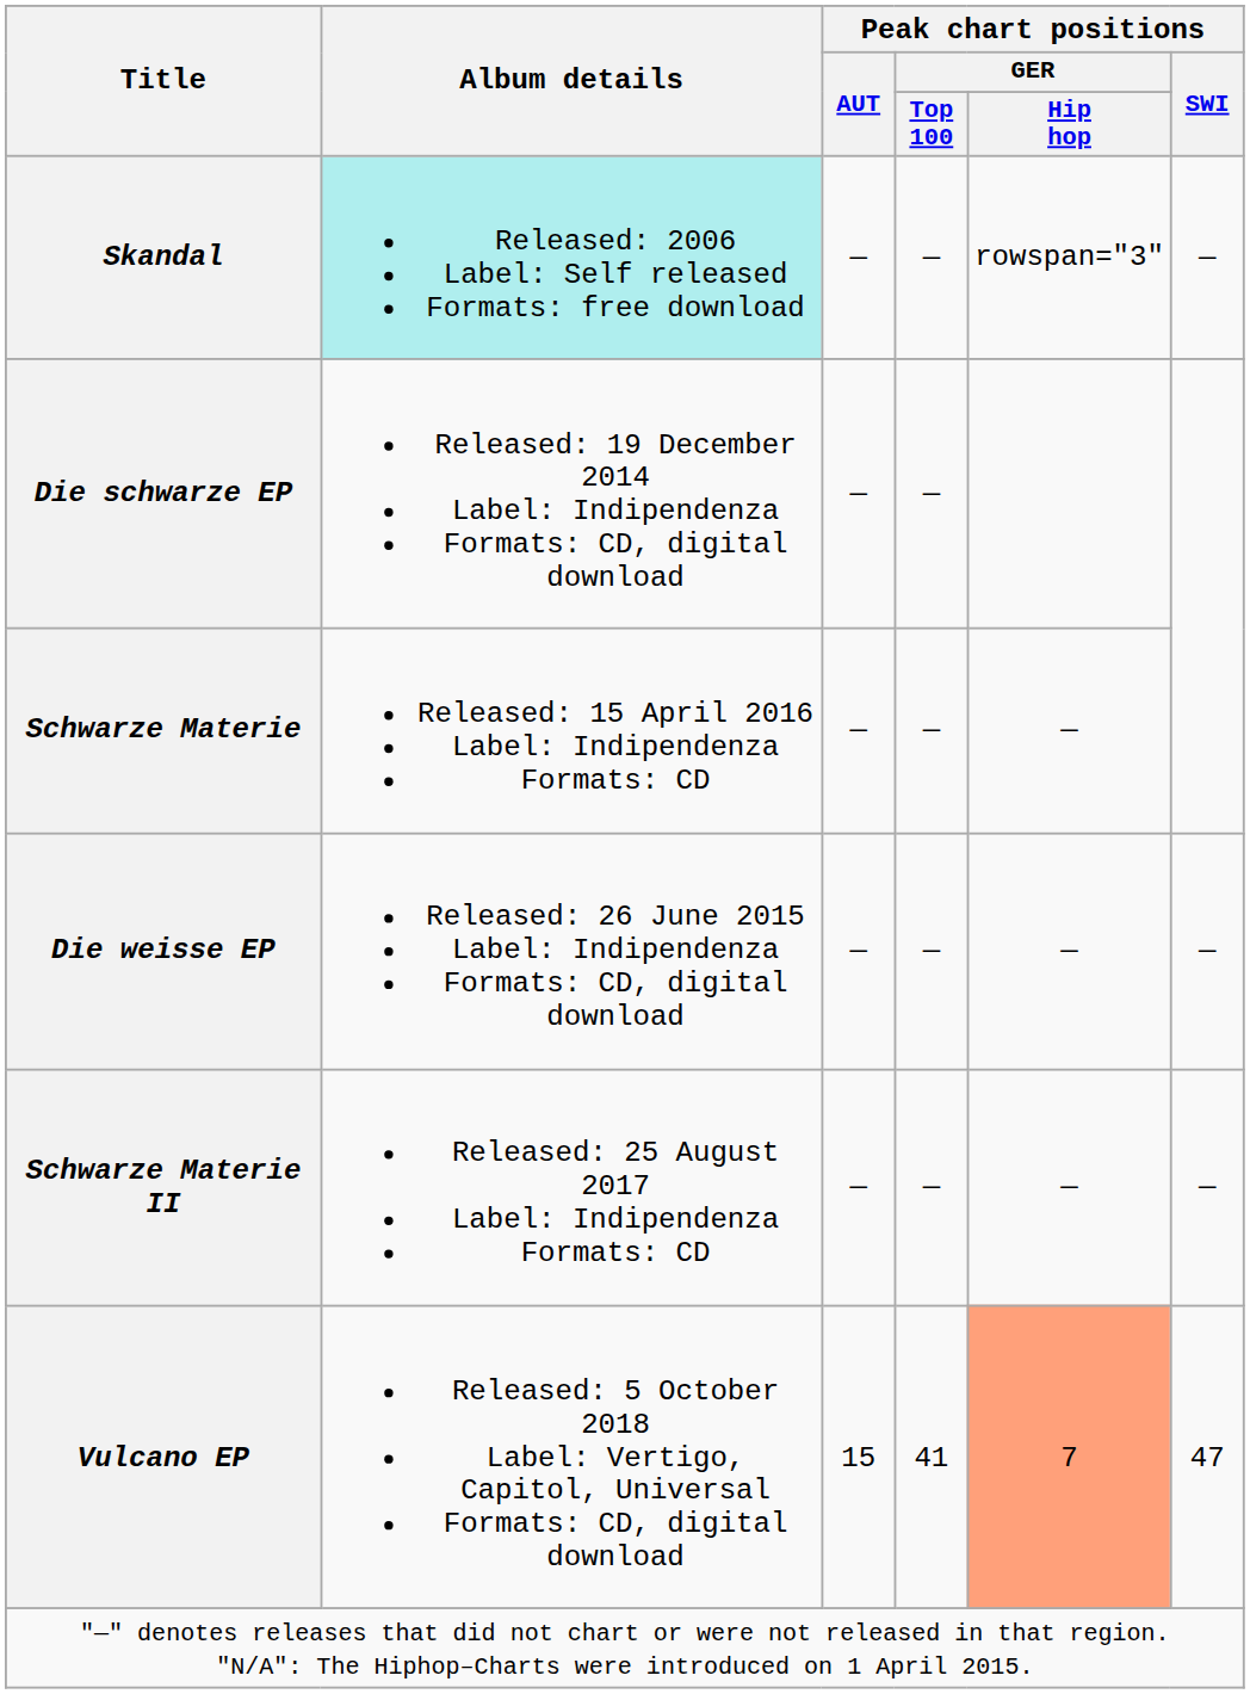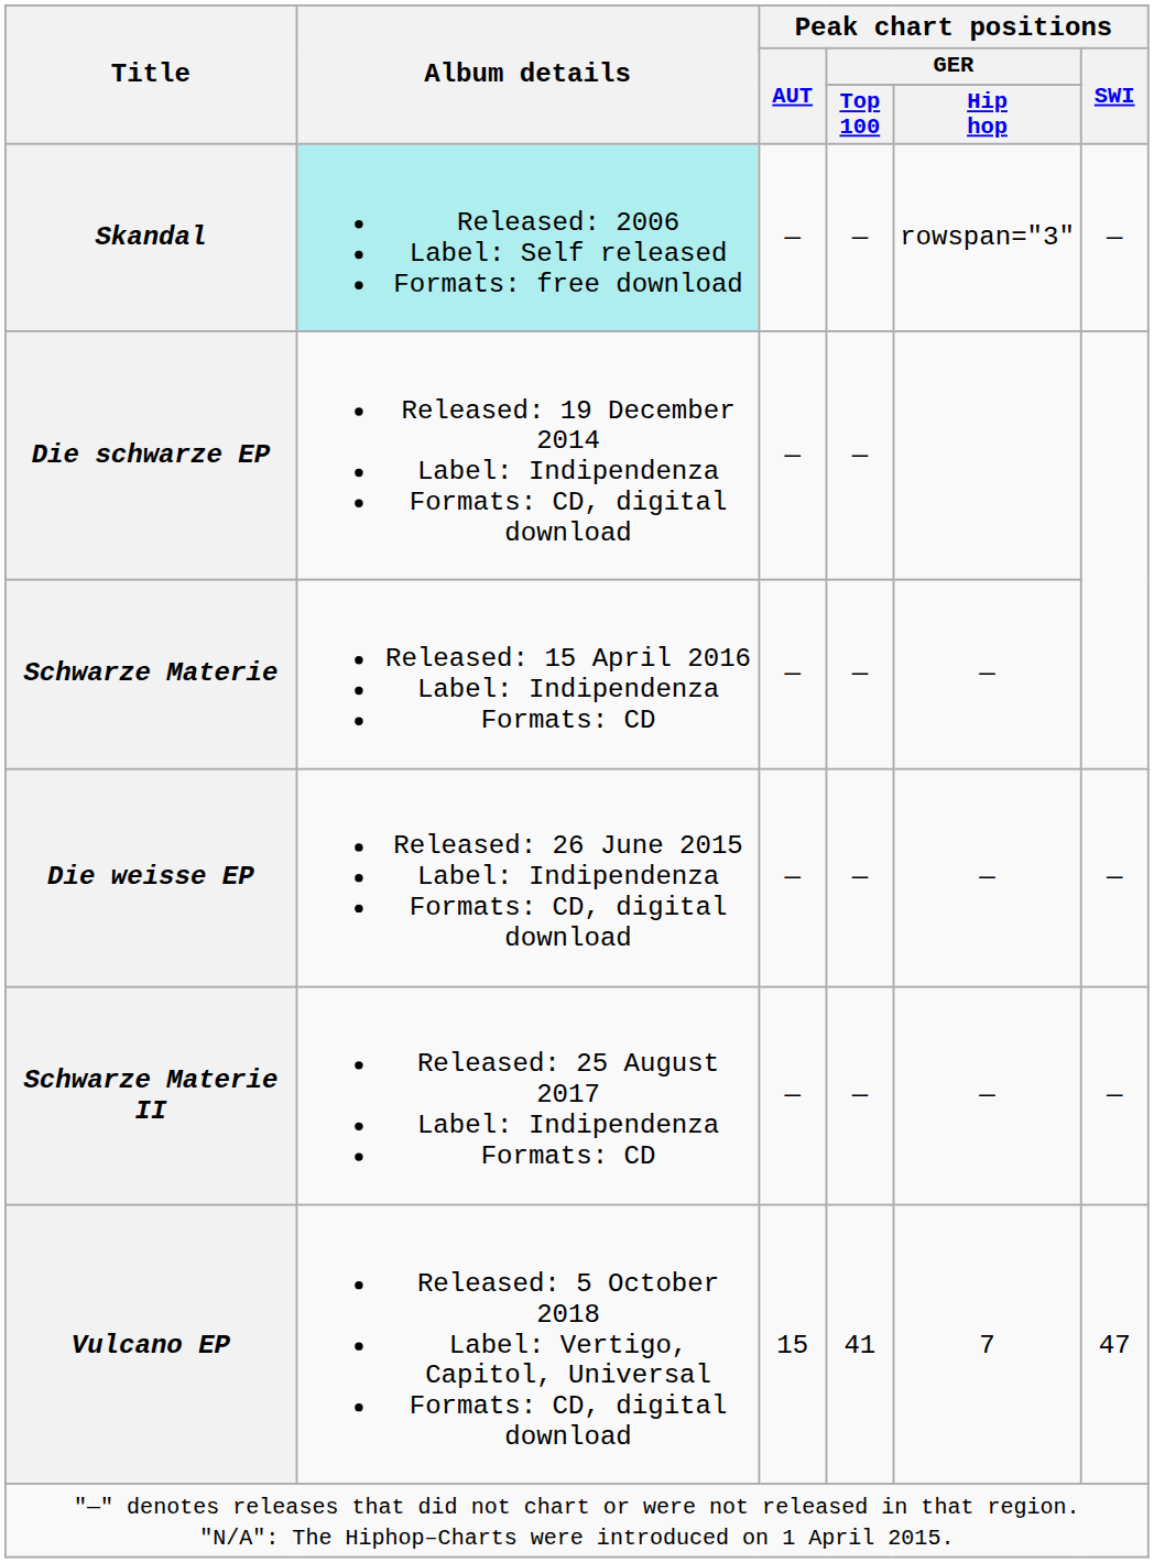 <table class="wikitable plainrowheaders" style="text-align:center;">
 <tr>
 <th scope="col" rowspan="3" style="width:10.5em;">Title</th>
 <th scope="col" rowspan="3" style="width:17em;">Album details</th>
 <th scope="col" colspan="4">Peak chart positions</th>
 </tr>
 <tr>
 <th style="width:2.5em; font-size:85%" rowspan="2"><a href='#'>AUT</a><br></th>
 <th scope="col" style="width:2.5em; font-size:85%" colspan="2">GER</th>
 <th style="width:2.5em; font-size:85%" rowspan="2"><a href='#'>SWI</a><br></th>
 </tr>
 <tr>
 <th style="width:2.5em; font-size:85%"><a href='#'>Top<br>100</a><br></th>
 <th style="width:2.5em; font-size:85%"><a href='#'>Hip<br>hop</a><br></th>
 </tr>
 <tr>
 <th scope="row"><em>Skandal</em><br></th>
 <td style="background: paleturquoise;"><br><ul><li>Released: 2006</li><li>Label: Self released</li><li>Formats: free download</li></ul></td>
 <td>—</td>
 <td>—</td>
 <td>rowspan="3" </td>
 <td>—</td>
 </tr>
 <tr>
 <th scope="row"><em>Die schwarze EP</em></th>
 <td><br><ul><li>Released: 19 December 2014</li><li>Label: Indipendenza</li><li>Formats: CD, digital download</li></ul></td>
 <td>—</td>
 <td>—</td>
 <td —></td>
 </tr>
 <tr>
 <th scope="row"><em>Schwarze Materie</em></th>
 <td><br><ul><li>Released: 15 April 2016</li><li>Label: Indipendenza</li><li>Formats: CD</li></ul></td>
 <td>—</td>
 <td>—</td>
 <td>—</td>
 </tr>
 <tr>
 <th scope="row"><em> Die weisse EP</em></th>
 <td><br><ul><li>Released: 26 June 2015</li><li>Label: Indipendenza</li><li>Formats: CD, digital download</li></ul></td>
 <td>—</td>
 <td>—</td>
 <td>—</td>
 <td>—</td>
 </tr>
 <tr>
 <th scope="row"><em>Schwarze Materie II</em></th>
 <td><br><ul><li>Released: 25 August 2017</li><li>Label: Indipendenza</li><li>Formats: CD</li></ul></td>
 <td>—</td>
 <td>—</td>
 <td>—</td>
 <td>—</td>
 </tr>
 <tr>
 <th scope="row"><em>Vulcano EP</em><br></th>
 <td><br><ul><li>Released: 5 October 2018</li><li>Label: Vertigo, Capitol, Universal</li><li>Formats: CD, digital download</li></ul></td>
 <td>15</td>
 <td>41</td>
-<td style="background: lightsalmon;">7</td>
+<td>7</td>
 <td>47</td>
 </tr>
 <tr>
 <td colspan="7"><small>"—" denotes releases that did not chart or were not released in that region.<br>"N/A": The Hiphop–Charts were introduced on 1 April 2015.</small></td>
 </tr>
 </table>
